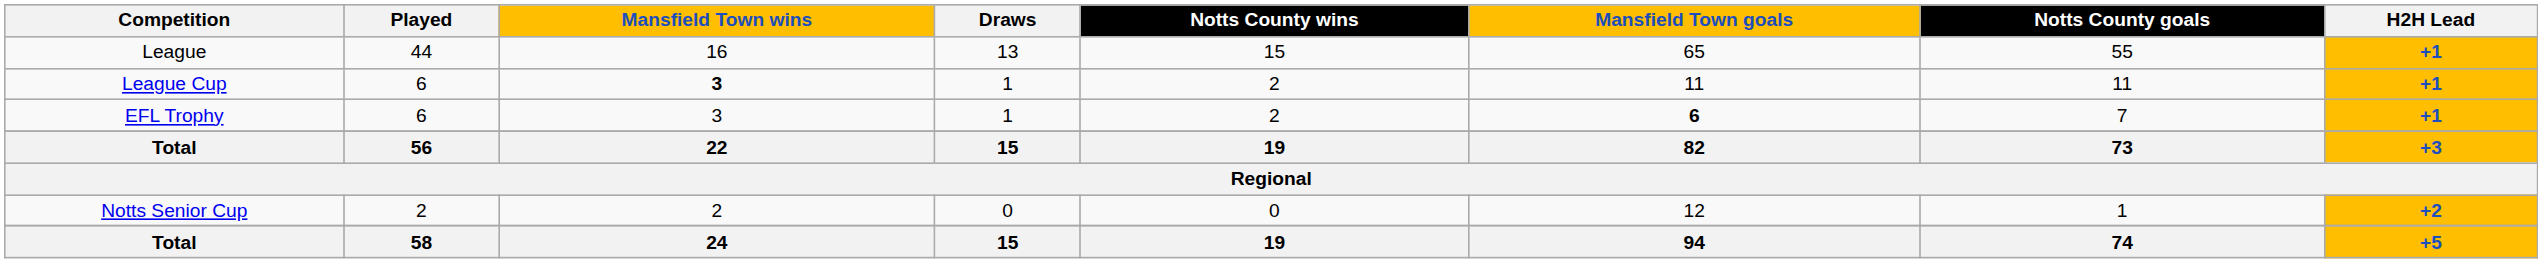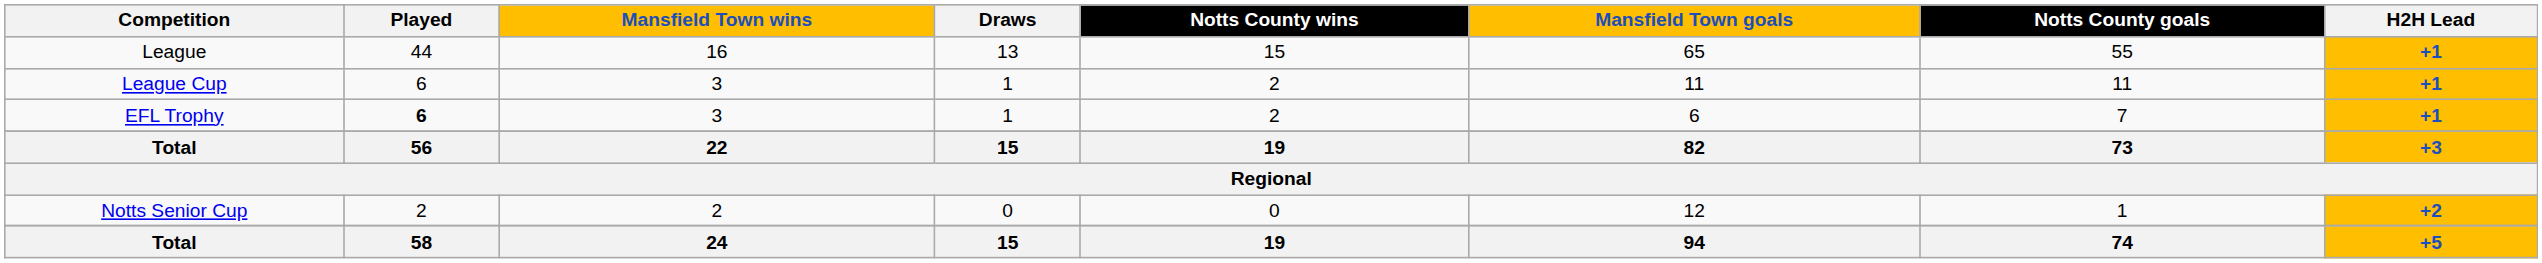 <table class="wikitable" style="text-align: center; width: 100%; font-size: 12px">
 <tr>
 <th><strong>Competition</strong></th>
 <th><strong>Played</strong></th>
 <th style="background:#ffbf00; color:#1c4ebd"><strong>Mansfield Town wins</strong></th>
 <th><strong>Draws</strong></th>
 <th style="background:black; color:white"><strong>Notts County wins</strong></th>
 <th style="background:#ffbf00; color:#1c4ebd"><strong>Mansfield Town goals</strong></th>
 <th style="background:black; color:white"><strong>Notts County goals</strong></th>
 <th><strong>H2H Lead</strong></th>
 </tr>
 <tr>
 <td>League</td>
 <td>44</td>
 <td>16</td>
 <td>13</td>
 <td>15</td>
 <td>65</td>
 <td>55</td>
 <td style="background:#ffbf00; color:#1c4ebd"><strong>+1</strong></td>
 </tr>
 <tr>
 <td><a href='#'>League Cup</a></td>
 <td>6</td>
-<td><strong>3</strong></td>
+<td>3</td>
 <td>1</td>
 <td>2</td>
 <td>11</td>
 <td>11</td>
 <td style="background:#ffbf00; color:#1c4ebd"><strong>+1</strong></td>
 </tr>
 <tr>
 <td><a href='#'>EFL Trophy</a></td>
-<td>6</td>
+<td><strong>6</strong></td>
 <td>3</td>
 <td>1</td>
 <td>2</td>
-<td><strong>6</strong></td>
+<td>6</td>
 <td>7</td>
 <td style="background:#ffbf00; color:#1c4ebd"><strong>+1</strong></td>
 </tr>
 <tr>
 </tr>
 <tr class="sortbottom">
 <th>Total</th>
 <th>56</th>
 <th>22</th>
 <th>15</th>
 <th>19</th>
 <th>82</th>
 <th>73</th>
 <th style="background:#ffbf00; color:#1c4ebd"><strong>+3</strong></th>
 </tr>
 <tr>
 <th colspan=8><strong>Regional</strong></th>
 </tr>
 <tr>
 <td><a href='#'>Notts Senior Cup</a></td>
 <td>2</td>
 <td>2</td>
 <td>0</td>
 <td>0</td>
 <td>12</td>
 <td>1</td>
 <td style="background:#ffbf00; color:#1c4ebd"><strong>+2</strong></td>
 </tr>
 <tr>
 </tr>
 <tr class="sortbottom">
 <th>Total</th>
 <th>58</th>
 <th>24</th>
 <th>15</th>
 <th>19</th>
 <th>94</th>
 <th>74</th>
 <th style="background:#ffbf00; color:#1c4ebd"><strong>+5</strong></th>
 </tr>
 </table>
